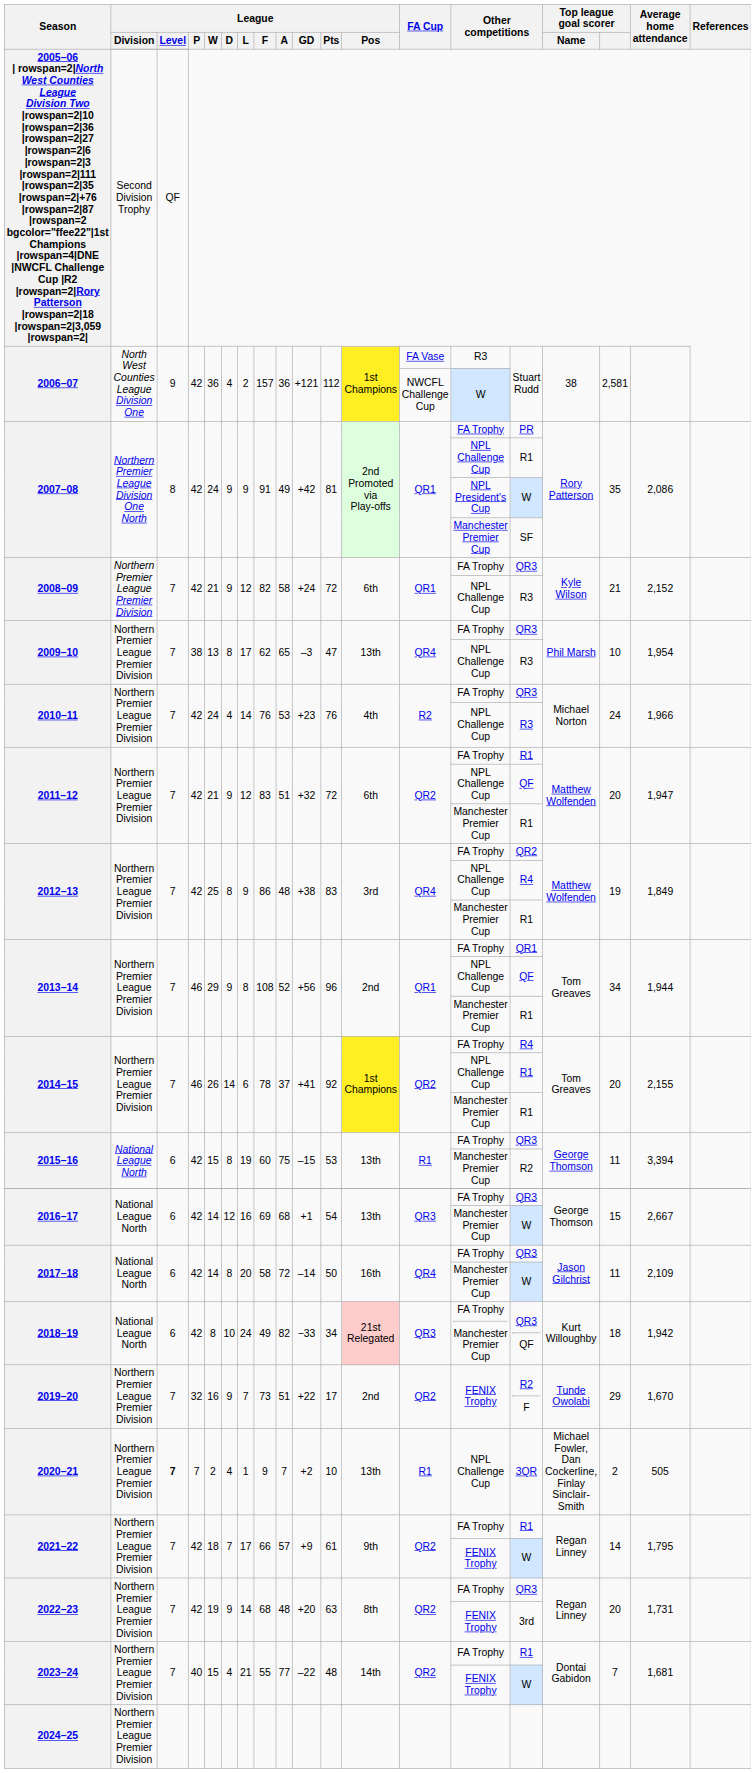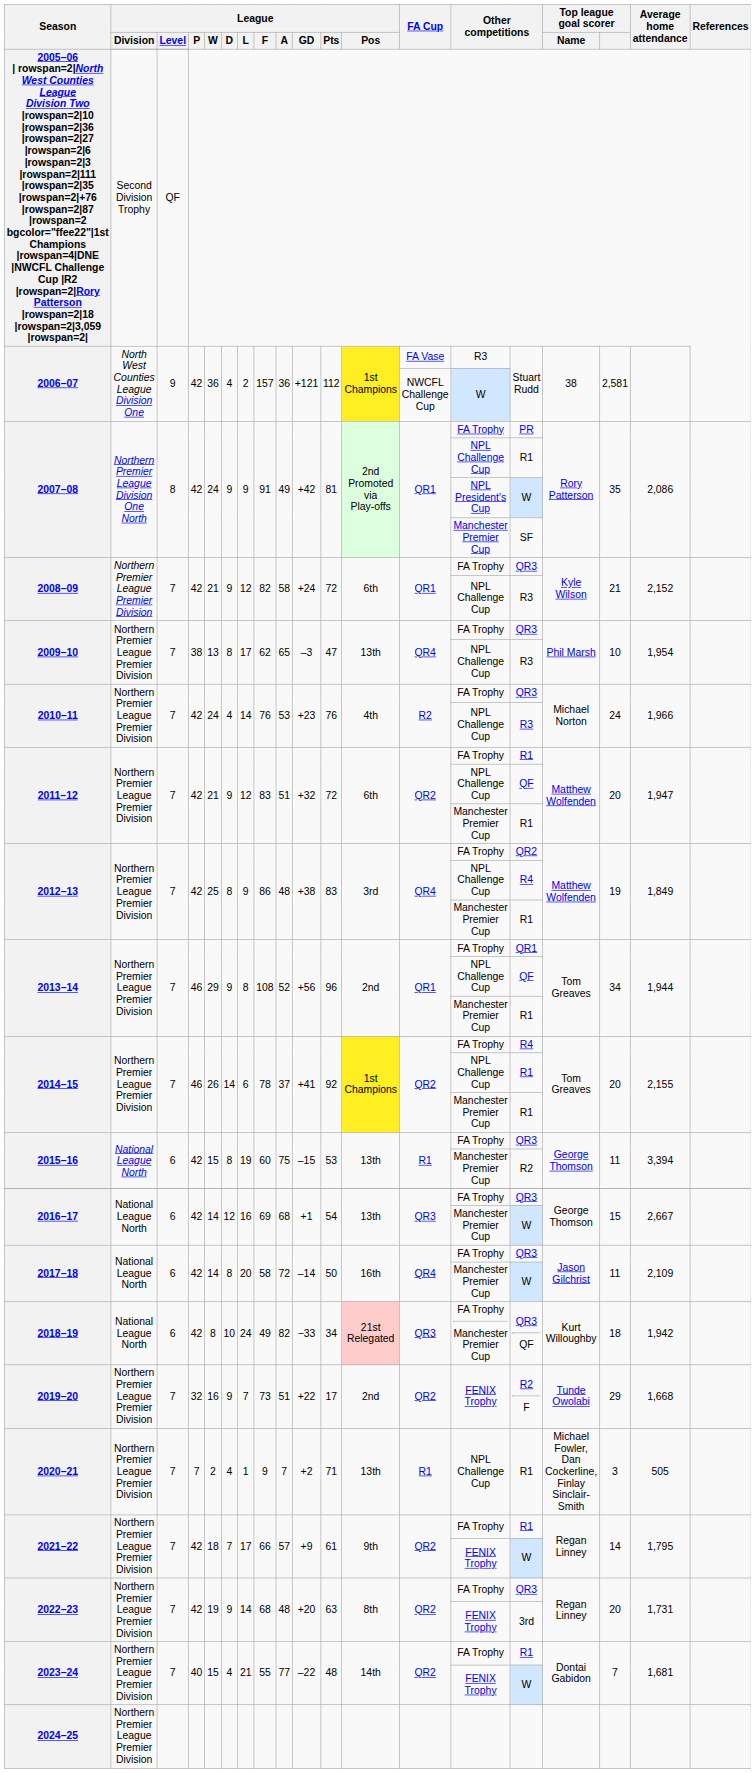 <table class="wikitable plainrowheaders sortable" style="text-align: center">
 <tr>
 <th rowspan=2>Season</th>
 <th colspan=11>League</th>
 <th rowspan=2><a href='#'>FA Cup</a></th>
 <th rowspan=2 colspan=2>Other competitions</th>
 <th colspan=2>Top league<br>goal scorer</th>
 <th rowspan=2>Average home<br>attendance</th>
 <th rowspan=2>References</th>
 </tr>
 <tr>
 <th scope=col>Division</th>
 <th scope=col><a href='#'>Level</a></th>
 <th scope=col>P</th>
 <th scope=col>W</th>
 <th scope=col>D</th>
 <th scope=col>L</th>
 <th scope=col>F</th>
 <th scope=col>A</th>
 <th scope=col>GD</th>
 <th scope=col>Pts</th>
 <th scope=col data-sort-type="number">Pos</th>
 <th scope=col>Name</th>
 <th scope=col></th>
 </tr>
 <tr>
 <th scope=row rowspan=2><a href='#'>2005–06</a><br>| rowspan=2|<em><a href='#'>North West Counties League</a><br><a href='#'>Division Two</a></em> |rowspan=2|10 |rowspan=2|36 |rowspan=2|27 |rowspan=2|6 |rowspan=2|3 |rowspan=2|111 |rowspan=2|35 |rowspan=2|+76 |rowspan=2|87 |rowspan=2 bgcolor="ffee22"|1st <br>Champions |rowspan=4|DNE |NWCFL Challenge Cup |R2 |rowspan=2|<a href='#'>Rory Patterson</a> |rowspan=2|18 |rowspan=2|3,059 |rowspan=2|</th>
 </tr>
 <tr>
 <td>Second Division Trophy</td>
 <td>QF</td>
 </tr>
 <tr>
 <th scope=row rowspan=2><a href='#'>2006–07</a></th>
 <td rowspan=2><em>North West Counties League<br><a href='#'>Division One</a></em></td>
 <td rowspan=2>9</td>
 <td rowspan=2>42</td>
 <td rowspan=2>36</td>
 <td rowspan=2>4</td>
 <td rowspan=2>2</td>
 <td rowspan=2>157</td>
 <td rowspan=2>36</td>
 <td rowspan=2>+121</td>
 <td rowspan=2>112</td>
 <td rowspan=2 bgcolor="#ffee22">1st <br>Champions</td>
 <td><a href='#'>FA Vase</a></td>
 <td>R3</td>
 <td rowspan=2>Stuart Rudd</td>
 <td rowspan=2>38</td>
 <td rowspan=2>2,581</td>
 <td rowspan=2></td>
 </tr>
 <tr>
 <td>NWCFL Challenge Cup</td>
 <td bgcolor=#D0E7FF>W</td>
 </tr>
 <tr>
 <th scope=row rowspan=4><a href='#'>2007–08</a></th>
 <td rowspan=4><em><a href='#'>Northern Premier League</a><br><a href='#'>Division One North</a></em></td>
 <td rowspan=4>8</td>
 <td rowspan=4>42</td>
 <td rowspan=4>24</td>
 <td rowspan=4>9</td>
 <td rowspan=4>9</td>
 <td rowspan=4>91</td>
 <td rowspan=4>49</td>
 <td rowspan=4>+42</td>
 <td rowspan=4>81</td>
 <td rowspan=4 bgcolor="#DDFFDD">2nd<br>Promoted via<br>Play-offs</td>
 <td rowspan=4><a href='#'>QR1</a></td>
 <td><a href='#'>FA Trophy</a></td>
 <td><a href='#'>PR</a></td>
 <td rowspan=4><a href='#'>Rory Patterson</a></td>
 <td rowspan=4>35</td>
 <td rowspan=4>2,086</td>
 <td rowspan=4><br></td>
 </tr>
 <tr>
 <td><a href='#'>NPL Challenge Cup</a></td>
 <td>R1</td>
 </tr>
 <tr>
 <td><a href='#'>NPL President's Cup</a></td>
 <td bgcolor=#D0E7FF>W</td>
 </tr>
 <tr>
 <td><a href='#'>Manchester Premier Cup</a></td>
 <td>SF</td>
 </tr>
 <tr>
 <th scope=row rowspan=2><a href='#'>2008–09</a></th>
 <td rowspan=2><em>Northern Premier League<br><a href='#'>Premier Division</a></em></td>
 <td rowspan=2>7</td>
 <td rowspan=2>42</td>
 <td rowspan=2>21</td>
 <td rowspan=2>9</td>
 <td rowspan=2>12</td>
 <td rowspan=2>82</td>
 <td rowspan=2>58</td>
 <td rowspan=2>+24</td>
 <td rowspan=2>72</td>
 <td rowspan=2>6th</td>
 <td rowspan=2><a href='#'>QR1</a></td>
 <td>FA Trophy</td>
 <td><a href='#'>QR3</a></td>
 <td rowspan=2><a href='#'>Kyle Wilson</a></td>
 <td rowspan=2>21</td>
 <td rowspan=2>2,152</td>
 <td rowspan=2><br></td>
 </tr>
 <tr>
 <td>NPL Challenge Cup</td>
 <td>R3</td>
 </tr>
 <tr>
 <th scope=row rowspan=2><a href='#'>2009–10</a></th>
 <td rowspan=2>Northern Premier League<br>Premier Division</td>
 <td rowspan=2>7</td>
 <td rowspan=2>38</td>
 <td rowspan=2>13</td>
 <td rowspan=2>8</td>
 <td rowspan=2>17</td>
 <td rowspan=2>62</td>
 <td rowspan=2>65</td>
 <td rowspan=2>–3</td>
 <td rowspan=2>47</td>
 <td rowspan=2>13th</td>
 <td rowspan=2><a href='#'>QR4</a></td>
 <td>FA Trophy</td>
 <td><a href='#'>QR3</a></td>
 <td rowspan=2><a href='#'>Phil Marsh</a></td>
 <td rowspan=2>10</td>
 <td rowspan=2>1,954</td>
 <td rowspan=2><br></td>
 </tr>
 <tr>
 <td>NPL Challenge Cup</td>
 <td>R3</td>
 </tr>
 <tr>
 <th scope=row rowspan=2><a href='#'>2010–11</a></th>
 <td rowspan=2>Northern Premier League<br>Premier Division</td>
 <td rowspan=2>7</td>
 <td rowspan=2>42</td>
 <td rowspan=2>24</td>
 <td rowspan=2>4</td>
 <td rowspan=2>14</td>
 <td rowspan=2>76</td>
 <td rowspan=2>53</td>
 <td rowspan=2>+23</td>
 <td rowspan=2>76</td>
 <td rowspan=2>4th</td>
 <td rowspan=2><a href='#'>R2</a></td>
 <td>FA Trophy</td>
 <td><a href='#'>QR3</a></td>
 <td rowspan=2>Michael Norton</td>
 <td rowspan=2>24</td>
 <td rowspan=2>1,966</td>
 <td rowspan=2><br></td>
 </tr>
 <tr>
 <td>NPL Challenge Cup</td>
 <td><a href='#'>R3</a></td>
 </tr>
 <tr>
 <th scope=row rowspan=3><a href='#'>2011–12</a></th>
 <td rowspan=3>Northern Premier League<br>Premier Division</td>
 <td rowspan=3>7</td>
 <td rowspan=3>42</td>
 <td rowspan=3>21</td>
 <td rowspan=3>9</td>
 <td rowspan=3>12</td>
 <td rowspan=3>83</td>
 <td rowspan=3>51</td>
 <td rowspan=3>+32</td>
 <td rowspan=3>72</td>
 <td rowspan=3>6th</td>
 <td rowspan=3><a href='#'>QR2</a></td>
 <td>FA Trophy</td>
 <td><a href='#'>R1</a></td>
 <td rowspan=3><a href='#'>Matthew Wolfenden</a></td>
 <td rowspan=3>20</td>
 <td rowspan=3>1,947</td>
 <td rowspan=3><br></td>
 </tr>
 <tr>
 <td>NPL Challenge Cup</td>
 <td><a href='#'>QF</a></td>
 </tr>
 <tr>
 <td>Manchester Premier Cup</td>
 <td>R1</td>
 </tr>
 <tr>
 <th scope=row rowspan=3><a href='#'>2012–13</a></th>
 <td rowspan=3>Northern Premier League<br>Premier Division</td>
 <td rowspan=3>7</td>
 <td rowspan=3>42</td>
 <td rowspan=3>25</td>
 <td rowspan=3>8</td>
 <td rowspan=3>9</td>
 <td rowspan=3>86</td>
 <td rowspan=3>48</td>
 <td rowspan=3>+38</td>
 <td rowspan=3>83</td>
 <td rowspan=3>3rd</td>
 <td rowspan=3><a href='#'>QR4</a></td>
 <td>FA Trophy</td>
 <td><a href='#'>QR2</a></td>
 <td rowspan=3><a href='#'>Matthew Wolfenden</a></td>
 <td rowspan=3>19</td>
 <td rowspan=3>1,849</td>
 <td rowspan=3><br></td>
 </tr>
 <tr>
 <td>NPL Challenge Cup</td>
 <td><a href='#'>R4</a></td>
 </tr>
 <tr>
 <td>Manchester Premier Cup</td>
 <td>R1</td>
 </tr>
 <tr>
 <th scope=row rowspan=3><a href='#'>2013–14</a></th>
 <td rowspan=3>Northern Premier League<br>Premier Division</td>
 <td rowspan=3>7</td>
 <td rowspan=3>46</td>
 <td rowspan=3>29</td>
 <td rowspan=3>9</td>
 <td rowspan=3>8</td>
 <td rowspan=3>108</td>
 <td rowspan=3>52</td>
 <td rowspan=3>+56</td>
 <td rowspan=3>96</td>
 <td rowspan=3>2nd</td>
 <td rowspan=3><a href='#'>QR1</a></td>
 <td>FA Trophy</td>
 <td><a href='#'>QR1</a></td>
 <td rowspan=3>Tom Greaves</td>
 <td rowspan=3>34</td>
 <td rowspan=3>1,944</td>
 <td rowspan=3><br></td>
 </tr>
 <tr>
 <td>NPL Challenge Cup</td>
 <td><a href='#'>QF</a></td>
 </tr>
 <tr>
 <td>Manchester Premier Cup</td>
 <td>R1</td>
 </tr>
 <tr>
 <th scope=row rowspan=3><a href='#'>2014–15</a></th>
 <td rowspan=3>Northern Premier League<br>Premier Division</td>
 <td rowspan=3>7</td>
 <td rowspan=3>46</td>
 <td rowspan=3>26</td>
 <td rowspan=3>14</td>
 <td rowspan=3>6</td>
 <td rowspan=3>78</td>
 <td rowspan=3>37</td>
 <td rowspan=3>+41</td>
 <td rowspan=3>92</td>
 <td rowspan=3 bgcolor="#ffee22">1st <br>Champions</td>
 <td rowspan=3><a href='#'>QR2</a></td>
 <td>FA Trophy</td>
 <td><a href='#'>R4</a></td>
 <td rowspan=3>Tom Greaves</td>
 <td rowspan=3>20</td>
 <td rowspan=3>2,155</td>
 <td rowspan=3><br></td>
 </tr>
 <tr>
 <td>NPL Challenge Cup</td>
 <td><a href='#'>R1</a></td>
 </tr>
 <tr>
 <td>Manchester Premier Cup</td>
 <td>R1</td>
 </tr>
 <tr>
 <th scope=row rowspan=2><a href='#'>2015–16</a></th>
 <td rowspan=2><em><a href='#'>National League</a><br><a href='#'>North</a></em></td>
 <td rowspan=2>6</td>
 <td rowspan=2>42</td>
 <td rowspan=2>15</td>
 <td rowspan=2>8</td>
 <td rowspan=2>19</td>
 <td rowspan=2>60</td>
 <td rowspan=2>75</td>
 <td rowspan=2>–15</td>
 <td rowspan=2>53</td>
 <td rowspan=2>13th</td>
 <td rowspan=2><a href='#'>R1</a></td>
 <td>FA Trophy</td>
 <td><a href='#'>QR3</a></td>
 <td rowspan=2><a href='#'>George Thomson</a></td>
 <td rowspan=2>11</td>
 <td rowspan=2>3,394</td>
 <td rowspan=2><br></td>
 </tr>
 <tr>
 <td>Manchester Premier Cup</td>
 <td>R2</td>
 </tr>
 <tr>
 </tr>
 <tr>
 <th scope=row rowspan=2><a href='#'>2016–17</a></th>
 <td rowspan=2>National League<br>North</td>
 <td rowspan=2>6</td>
 <td rowspan=2>42</td>
 <td rowspan=2>14</td>
 <td rowspan=2>12</td>
 <td rowspan=2>16</td>
 <td rowspan=2>69</td>
 <td rowspan=2>68</td>
 <td rowspan=2>+1</td>
 <td rowspan=2>54</td>
 <td rowspan=2>13th</td>
 <td rowspan=2><a href='#'>QR3</a></td>
 <td>FA Trophy</td>
 <td><a href='#'>QR3</a></td>
 <td rowspan=2>George Thomson</td>
 <td rowspan=2>15</td>
 <td rowspan=2>2,667</td>
 <td rowspan=2><br></td>
 </tr>
 <tr>
 <td>Manchester Premier Cup</td>
 <td bgcolor=#D0E7FF>W</td>
 </tr>
 <tr>
 <th scope=row rowspan=2><a href='#'>2017–18</a></th>
 <td rowspan=2>National League<br>North</td>
 <td rowspan=2>6</td>
 <td rowspan=2>42</td>
 <td rowspan=2>14</td>
 <td rowspan=2>8</td>
 <td rowspan=2>20</td>
 <td rowspan=2>58</td>
 <td rowspan=2>72</td>
 <td rowspan=2>–14</td>
 <td rowspan=2>50</td>
 <td rowspan=2>16th</td>
 <td rowspan=2><a href='#'>QR4</a></td>
 <td>FA Trophy</td>
 <td><a href='#'>QR3</a></td>
 <td rowspan=2><a href='#'>Jason Gilchrist</a></td>
 <td rowspan=2>11</td>
 <td rowspan=2>2,109</td>
 <td rowspan=2><br></td>
 </tr>
 <tr>
 <td>Manchester Premier Cup</td>
 <td bgcolor=#D0E7FF>W</td>
 </tr>
 <tr>
 <th scope=row><a href='#'>2018–19</a></th>
 <td>National League<br>North</td>
 <td>6</td>
 <td>42</td>
 <td>8</td>
 <td>10</td>
 <td>24</td>
 <td>49</td>
 <td>82</td>
 <td>−33</td>
 <td>34</td>
 <td style="background:#fcc;">21st <br>Relegated</td>
 <td><a href='#'>QR3</a></td>
 <td>FA Trophy<hr>Manchester Premier Cup</td>
 <td><a href='#'>QR3</a><hr>QF</td>
 <td>Kurt Willoughby</td>
 <td>18</td>
 <td>1,942</td>
 <td><br></td>
 </tr>
 <tr>
 <th scope=row><a href='#'>2019–20</a></th>
 <td>Northern Premier League<br>Premier Division</td>
 <td>7</td>
 <td>32</td>
 <td>16</td>
 <td>9</td>
 <td>7</td>
 <td>73</td>
 <td>51</td>
 <td>+22</td>
 <td>17</td>
 <td>2nd</td>
 <td><a href='#'>QR2</a></td>
 <td><a href='#'>FENIX Trophy</a></td>
 <td><a href='#'>R2</a><hr>F</td>
 <td><a href='#'>Tunde Owolabi</a></td>
 <td>29</td>
-<td>1,670</td>
+<td>1,668</td>
 <td><br></td>
 </tr>
 <tr>
 <th scope=row><a href='#'>2020–21</a></th>
 <td>Northern Premier League<br>Premier Division</td>
-<td><strong>7</strong></td>
+<td>7</td>
 <td>7</td>
 <td>2</td>
 <td>4</td>
 <td>1</td>
 <td>9</td>
 <td>7</td>
 <td>+2</td>
-<td>10</td>
+<td>71</td>
 <td>13th</td>
 <td><a href='#'>R1</a></td>
 <td>NPL Challenge Cup</td>
-<td><a href='#'>3QR</a></td>
+<td>R1</td>
 <td>Michael Fowler,<br>Dan Cockerline,<br>Finlay Sinclair-Smith</td>
-<td>2</td>
+<td>3</td>
 <td>505</td>
 <td><br></td>
 </tr>
 <tr>
 <th scope=row rowspan=2><a href='#'>2021–22</a></th>
 <td rowspan=2>Northern Premier League<br>Premier Division</td>
 <td rowspan=2>7</td>
 <td rowspan=2>42</td>
 <td rowspan=2>18</td>
 <td rowspan=2>7</td>
 <td rowspan=2>17</td>
 <td rowspan=2>66</td>
 <td rowspan=2>57</td>
 <td rowspan=2>+9</td>
 <td rowspan=2>61</td>
 <td rowspan=2>9th</td>
 <td rowspan=2><a href='#'>QR2</a></td>
 <td>FA Trophy</td>
 <td><a href='#'>R1</a></td>
 <td rowspan=2>Regan Linney</td>
 <td rowspan=2>14</td>
 <td rowspan=2>1,795</td>
 <td rowspan=2><br></td>
 </tr>
 <tr>
 <td><a href='#'>FENIX Trophy</a></td>
 <td bgcolor=#D0E7FF>W</td>
 </tr>
 <tr>
 <th scope=row rowspan=2><a href='#'>2022–23</a></th>
 <td rowspan=2>Northern Premier League<br>Premier Division</td>
 <td rowspan=2>7</td>
 <td rowspan=2>42</td>
 <td rowspan=2>19</td>
 <td rowspan=2>9</td>
 <td rowspan=2>14</td>
 <td rowspan=2>68</td>
 <td rowspan=2>48</td>
 <td rowspan=2>+20</td>
 <td rowspan=2>63</td>
 <td rowspan=2>8th</td>
 <td rowspan=2><a href='#'>QR2</a></td>
 <td>FA Trophy</td>
 <td><a href='#'>QR3</a></td>
 <td rowspan=2>Regan Linney</td>
 <td rowspan=2>20</td>
 <td rowspan=2>1,731</td>
 <td rowspan=2><br></td>
 </tr>
 <tr>
 <td><a href='#'>FENIX Trophy</a></td>
 <td>3rd</td>
 </tr>
 <tr>
 <th scope=row rowspan=2><a href='#'>2023–24</a></th>
 <td rowspan=2>Northern Premier League<br>Premier Division</td>
 <td rowspan=2>7</td>
 <td rowspan=2>40</td>
 <td rowspan=2>15</td>
 <td rowspan=2>4</td>
 <td rowspan=2>21</td>
 <td rowspan=2>55</td>
 <td rowspan=2>77</td>
 <td rowspan=2>–22</td>
 <td rowspan=2>48</td>
 <td rowspan=2>14th</td>
 <td rowspan=2><a href='#'>QR2</a></td>
 <td>FA Trophy</td>
 <td><a href='#'>R1</a></td>
 <td rowspan=2>Dontai Gabidon</td>
 <td rowspan=2>7</td>
 <td rowspan=2>1,681</td>
 <td rowspan=2><br></td>
 </tr>
 <tr>
 <td><a href='#'>FENIX Trophy</a></td>
 <td bgcolor=#D0E7FF>W</td>
 </tr>
 <tr>
 <th><a href='#'>2024–25</a></th>
 <td>Northern Premier League<br>Premier Division</td>
 <td></td>
 <td></td>
 <td></td>
 <td></td>
 <td></td>
 <td></td>
 <td></td>
 <td></td>
 <td></td>
 <td></td>
 <td></td>
 <td></td>
 <td></td>
 <td></td>
 <td></td>
 <td></td>
 <td></td>
 </tr>
 </table>
